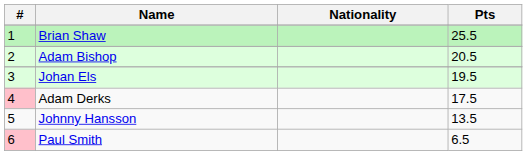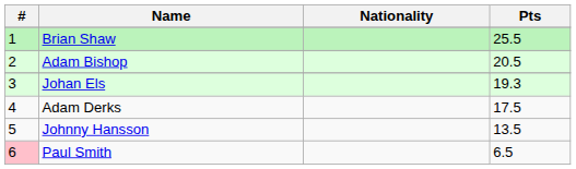 <table class="wikitable" style="display: inline-table;width: 50%;">
 <tr>
 <th>#</th>
 <th>Name</th>
 <th>Nationality</th>
 <th>Pts</th>
 </tr>
 <tr>
 </tr>
 <tr bgcolor=bbf3bb>
 <td>1</td>
 <td><a href='#'>Brian Shaw</a></td>
 <td></td>
 <td>25.5</td>
 </tr>
 <tr>
 </tr>
 <tr bgcolor=ddffdd>
 <td>2</td>
 <td><a href='#'>Adam Bishop</a></td>
 <td></td>
 <td>20.5</td>
 </tr>
 <tr>
 </tr>
 <tr bgcolor=ddffdd>
 <td>3</td>
 <td><a href='#'>Johan Els</a></td>
 <td></td>
-<td>19.5</td>
+<td>19.3</td>
 </tr>
 <tr>
-<td style="background: pink;">4</td>
+<td>4</td>
 <td>Adam Derks</td>
 <td></td>
 <td>17.5</td>
 </tr>
 <tr>
 <td>5</td>
 <td><a href='#'>Johnny Hansson</a></td>
 <td></td>
 <td>13.5</td>
 </tr>
 <tr>
 <td style="background: pink;">6</td>
 <td><a href='#'>Paul Smith</a></td>
 <td></td>
 <td>6.5</td>
 </tr>
 </table>
